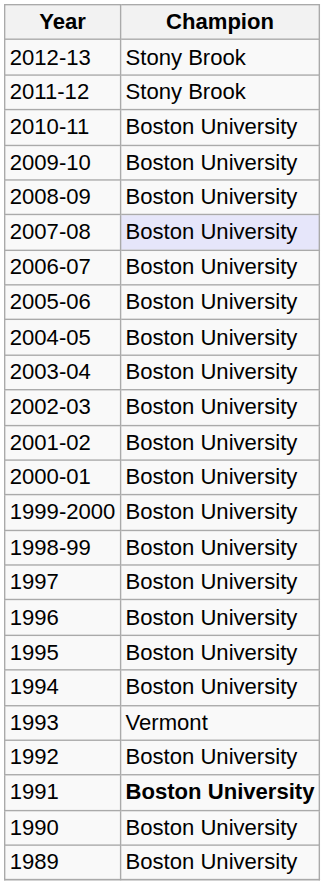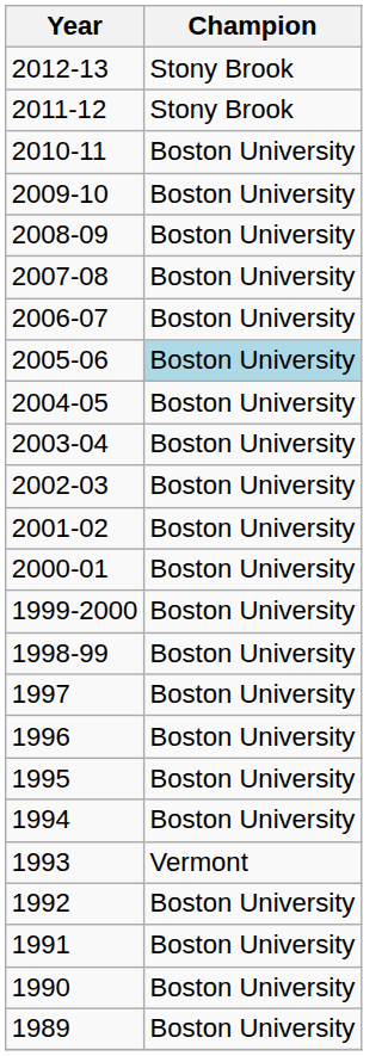 <table class="wikitable sortable">
 <tr>
 <th>Year</th>
 <th>Champion</th>
 </tr>
 <tr>
 <td>2012-13</td>
 <td>Stony Brook</td>
 </tr>
 <tr>
 <td>2011-12</td>
 <td>Stony Brook</td>
 </tr>
 <tr>
 <td>2010-11</td>
 <td>Boston University</td>
 </tr>
 <tr>
 <td>2009-10</td>
 <td>Boston University</td>
 </tr>
 <tr>
 <td>2008-09</td>
 <td>Boston University</td>
 </tr>
 <tr>
 <td>2007-08</td>
-<td style="background: lavender;">Boston University</td>
+<td>Boston University</td>
 </tr>
 <tr>
 <td>2006-07</td>
 <td>Boston University</td>
 </tr>
 <tr>
 <td>2005-06</td>
-<td>Boston University</td>
+<td style="background: lightblue;">Boston University</td>
 </tr>
 <tr>
 <td>2004-05</td>
 <td>Boston University</td>
 </tr>
 <tr>
 <td>2003-04</td>
 <td>Boston University</td>
 </tr>
 <tr>
 <td>2002-03</td>
 <td>Boston University</td>
 </tr>
 <tr>
 <td>2001-02</td>
 <td>Boston University</td>
 </tr>
 <tr>
 <td>2000-01</td>
 <td>Boston University</td>
 </tr>
 <tr>
 <td>1999-2000</td>
 <td>Boston University</td>
 </tr>
 <tr>
 <td>1998-99</td>
 <td>Boston University</td>
 </tr>
 <tr>
 <td>1997</td>
 <td>Boston University</td>
 </tr>
 <tr>
 <td>1996</td>
 <td>Boston University</td>
 </tr>
 <tr>
 <td>1995</td>
 <td>Boston University</td>
 </tr>
 <tr>
 <td>1994</td>
 <td>Boston University</td>
 </tr>
 <tr>
 <td>1993</td>
 <td>Vermont</td>
 </tr>
 <tr>
 <td>1992</td>
 <td>Boston University</td>
 </tr>
 <tr>
 <td>1991</td>
-<td><strong>Boston University</strong></td>
+<td>Boston University</td>
 </tr>
 <tr>
 <td>1990</td>
 <td>Boston University</td>
 </tr>
 <tr>
 <td>1989</td>
 <td>Boston University</td>
 </tr>
 <tr>
 </tr>
 </table>
